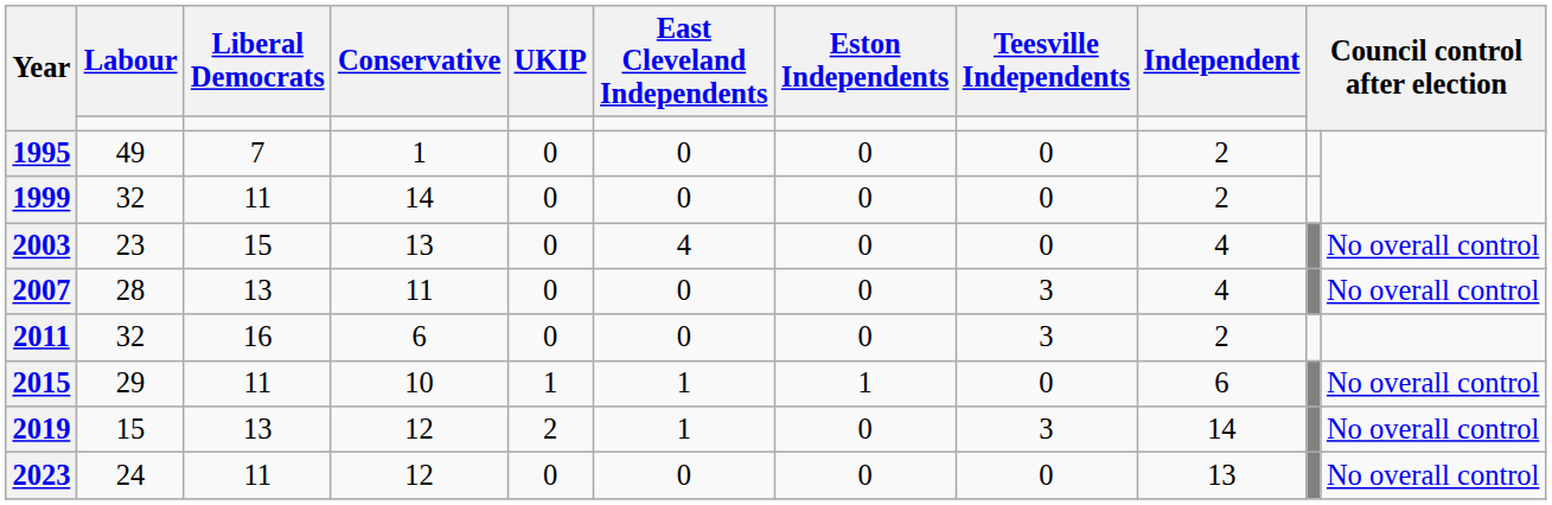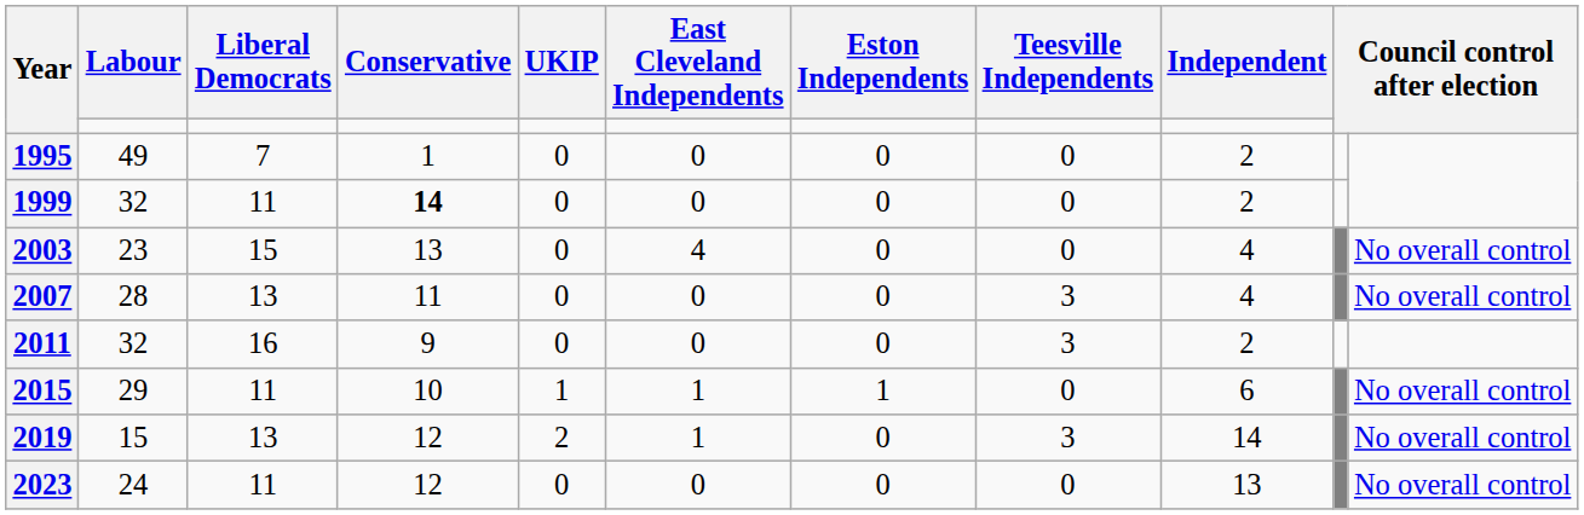 <table class="wikitable plainrowheaders" style="text-align:center">
 <tr>
 <th scope="col" rowspan="2">Year</th>
 <th scope="col"><a href='#'>Labour</a></th>
 <th scope="col" style="width:1px"><a href='#'>Liberal Democrats</a></th>
 <th scope="col"><a href='#'>Conservative</a></th>
 <th scope="col"><a href='#'>UKIP</a></th>
 <th scope="col" style="width:1px"><a href='#'>East Cleveland Independents</a></th>
 <th scope="col" style="width:1px"><a href='#'>Eston Independents</a></th>
 <th scope="col" style="width:1px"><a href='#'>Teesville Independents</a></th>
 <th scope="col"><a href='#'>Independent</a></th>
 <th scope="col" rowspan="2" colspan="2">Council control<br>after election</th>
 </tr>
 <tr>
 <td style="background:"></td>
 <td style="background:"></td>
 <td style="background:"></td>
 <td style="background:"></td>
 <td style="background:"></td>
 <td style="background:"></td>
 <td style="background:"></td>
 <td style="background:"></td>
 </tr>
 <tr>
 <th scope="row"><a href='#'>1995</a></th>
 <td>49</td>
 <td>7</td>
 <td>1</td>
 <td>0</td>
 <td>0</td>
 <td>0</td>
 <td>0</td>
 <td>2</td>
 <td></td>
 </tr>
 <tr>
 <th scope="row"><a href='#'>1999</a></th>
 <td>32</td>
 <td>11</td>
-<td>14</td>
+<td><strong>14</strong></td>
 <td>0</td>
 <td>0</td>
 <td>0</td>
 <td>0</td>
 <td>2</td>
 <td></td>
 </tr>
 <tr>
 <th scope="row"><a href='#'>2003</a></th>
 <td>23</td>
 <td>15</td>
 <td>13</td>
 <td>0</td>
 <td>4</td>
 <td>0</td>
 <td>0</td>
 <td>4</td>
 <td bgcolor=grey></td>
 <td><a href='#'>No overall control</a></td>
 </tr>
 <tr>
 <th scope="row"><a href='#'>2007</a></th>
 <td>28</td>
 <td>13</td>
 <td>11</td>
 <td>0</td>
 <td>0</td>
 <td>0</td>
 <td>3</td>
 <td>4</td>
 <td bgcolor=grey></td>
 <td><a href='#'>No overall control</a></td>
 </tr>
 <tr>
 <th scope="row"><a href='#'>2011</a></th>
 <td>32</td>
 <td>16</td>
-<td>6</td>
+<td>9</td>
 <td>0</td>
 <td>0</td>
 <td>0</td>
 <td>3</td>
 <td>2</td>
 <td></td>
 </tr>
 <tr>
 <th scope="row"><a href='#'>2015</a></th>
 <td>29</td>
 <td>11</td>
 <td>10</td>
 <td>1</td>
 <td>1</td>
 <td>1</td>
 <td>0</td>
 <td>6</td>
 <td bgcolor=grey></td>
 <td><a href='#'>No overall control</a></td>
 </tr>
 <tr>
 <th scope="row"><a href='#'>2019</a></th>
 <td>15</td>
 <td>13</td>
 <td>12</td>
 <td>2</td>
 <td>1</td>
 <td>0</td>
 <td>3</td>
 <td>14</td>
 <td bgcolor=grey></td>
 <td><a href='#'>No overall control</a></td>
 </tr>
 <tr>
 <th scope="row"><a href='#'>2023</a></th>
 <td>24</td>
 <td>11</td>
 <td>12</td>
 <td>0</td>
 <td>0</td>
 <td>0</td>
 <td>0</td>
 <td>13</td>
 <td bgcolor=grey></td>
 <td><a href='#'>No overall control</a></td>
 </tr>
 </table>
